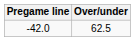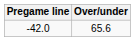 <table class="wikitable" style="margin-left: auto; margin-right: auto; border: none; display: inline-table;">
 <tr align="center">
 <th style=>Pregame line</th>
 <th style=>Over/under</th>
 </tr>
 <tr align="center">
 <td>-42.0</td>
-<td>62.5</td>
+<td>65.6</td>
 </tr>
 </table>
